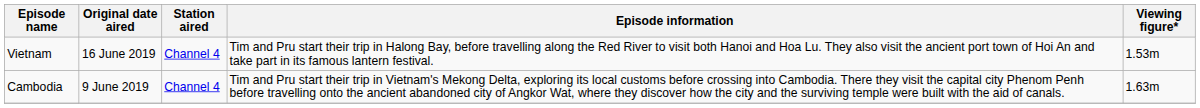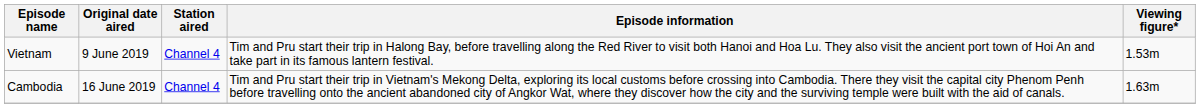 <table class="wikitable sortable">
 <tr>
 <th>Episode name</th>
 <th>Original date aired</th>
 <th>Station aired</th>
 <th>Episode information</th>
 <th>Viewing figure*</th>
 </tr>
 <tr>
 <td>Vietnam</td>
-<td>16 June 2019</td>
+<td>9 June 2019</td>
 <td><a href='#'>Channel 4</a></td>
 <td>Tim and Pru start their trip in Halong Bay, before travelling along the Red River to visit both Hanoi and Hoa Lu. They also visit the ancient port town of Hoi An and take part in its famous lantern festival.</td>
 <td>1.53m</td>
 </tr>
 <tr>
 <td>Cambodia</td>
-<td>9 June 2019</td>
+<td>16 June 2019</td>
 <td><a href='#'>Channel 4</a></td>
 <td>Tim and Pru start their trip in Vietnam's Mekong Delta, exploring its local customs before crossing into Cambodia. There they visit the capital city Phenom Penh before travelling onto the ancient abandoned city of Angkor Wat, where they discover how the city and the surviving temple were built with the aid of canals.</td>
 <td>1.63m</td>
 </tr>
 <tr>
 </tr>
 </table>
